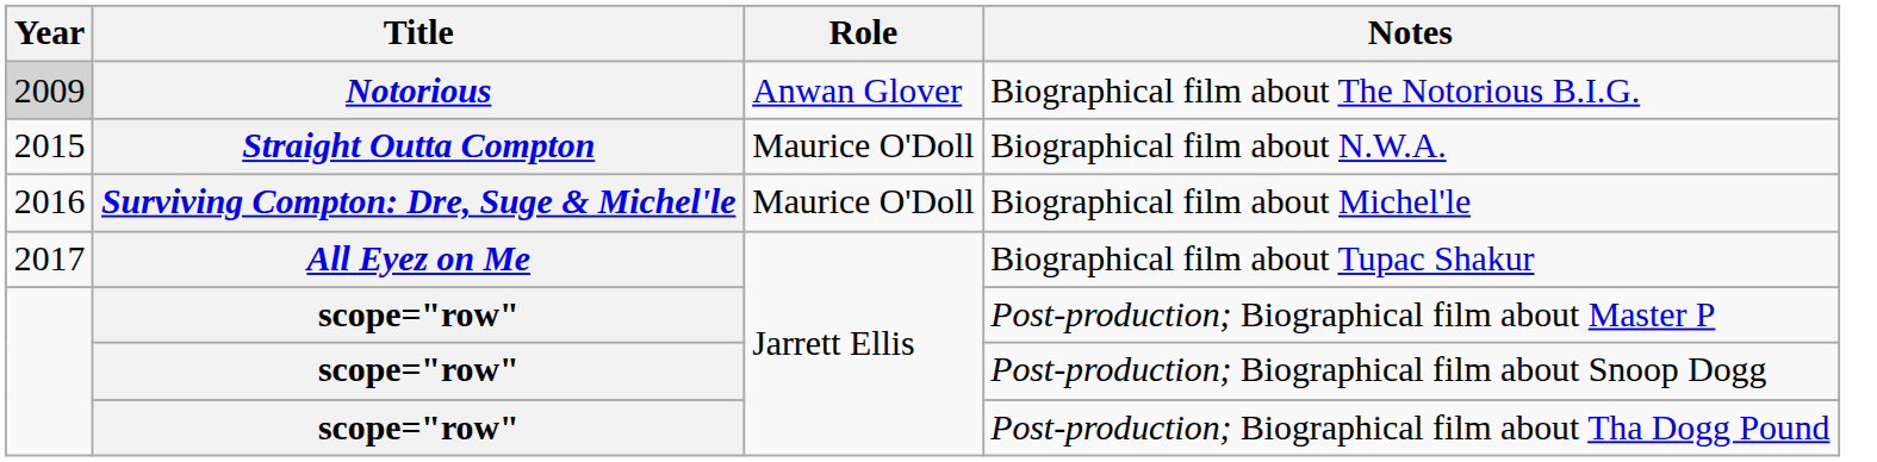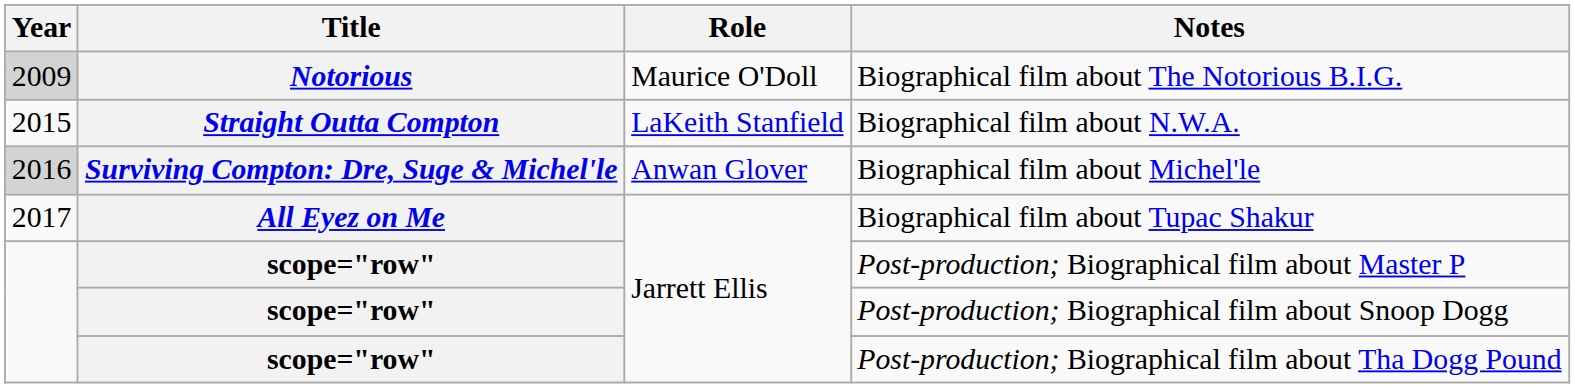 <table class="wikitable plainrowheaders sortable" style="margin-right: 0;">
 <tr>
 <th scope="col">Year</th>
 <th scope="col">Title</th>
 <th scope="col">Role</th>
 <th scope="col" class="unsortable">Notes</th>
 </tr>
 <tr>
 <td style="background: lightgrey;">2009</td>
 <th scope="row"><em><a href='#'>Notorious</a></em></th>
-<td><a href='#'>Anwan Glover</a></td>
+<td>Maurice O'Doll</td>
 <td>Biographical film about <a href='#'>The Notorious B.I.G.</a></td>
 </tr>
 <tr>
 <td>2015</td>
 <th scope="row"><em><a href='#'>Straight Outta Compton</a></em></th>
-<td>Maurice O'Doll</td>
+<td><a href='#'>LaKeith Stanfield</a></td>
 <td>Biographical film about <a href='#'>N.W.A.</a></td>
 </tr>
 <tr>
-<td>2016</td>
+<td style="background: lightgrey;">2016</td>
 <th scope="row"><em><a href='#'>Surviving Compton: Dre, Suge & Michel'le</a></em></th>
-<td>Maurice O'Doll</td>
+<td><a href='#'>Anwan Glover</a></td>
 <td>Biographical film about <a href='#'>Michel'le</a></td>
 </tr>
 <tr>
 <td>2017</td>
 <th scope="row"><em><a href='#'>All Eyez on Me</a></em></th>
 <td rowspan="4">Jarrett Ellis</td>
 <td>Biographical film about <a href='#'>Tupac Shakur</a></td>
 </tr>
 <tr>
 <td rowspan="3"></td>
 <th>scope="row" </th>
 <td><em>Post-production;</em> Biographical film about <a href='#'>Master P</a></td>
 </tr>
 <tr>
 <th>scope="row" </th>
 <td><em>Post-production;</em> Biographical film about Snoop Dogg</td>
 </tr>
 <tr>
 <th>scope="row" </th>
 <td><em>Post-production;</em> Biographical film about <a href='#'>Tha Dogg Pound</a></td>
 </tr>
 </table>
